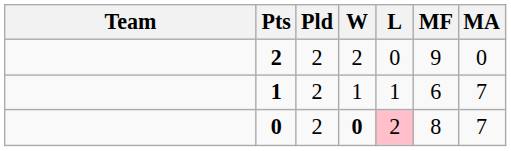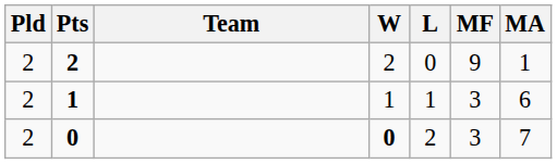 <table class=wikitable style="text-align:center">
 <tr>
+<th width=20>Pld</th>
+<th width=20>Pts</th>
 <th width=175>Team</th>
-<th width=20>Pts</th>
-<th width=20>Pld</th>
 <th width=20>W</th>
 <th width=20>L</th>
 <th width=20>MF</th>
 <th width=20>MA</th>
 </tr>
 <tr>
+<td>2</td>
+<td><strong>2</strong></td>
 <td style="text-align:left"></td>
-<td><strong>2</strong></td>
-<td>2</td>
 <td>2</td>
 <td>0</td>
 <td>9</td>
-<td>0</td>
+<td>1</td>
 </tr>
 <tr>
+<td>2</td>
+<td><strong>1</strong></td>
 <td style="text-align:left"></td>
-<td><strong>1</strong></td>
-<td>2</td>
 <td>1</td>
 <td>1</td>
+<td>3</td>
 <td>6</td>
-<td>7</td>
 </tr>
 <tr>
+<td>2</td>
+<td><strong>0</strong></td>
 <td style="text-align:left"></td>
 <td><strong>0</strong></td>
 <td>2</td>
-<td><strong>0</strong></td>
-<td style="background: pink;">2</td>
-<td>8</td>
+<td>3</td>
 <td>7</td>
 </tr>
 </table>
